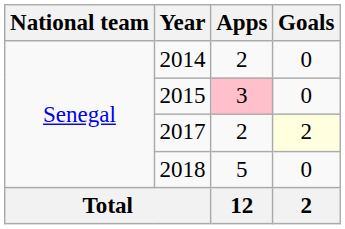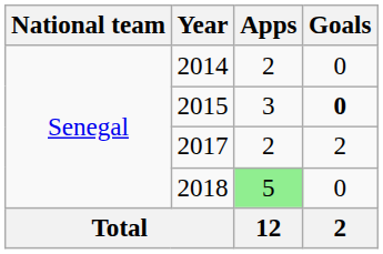 <table class="wikitable" style="text-align:center">
 <tr>
 <th>National team</th>
 <th>Year</th>
 <th>Apps</th>
 <th>Goals</th>
 </tr>
 <tr>
 <td rowspan="4"><a href='#'>Senegal</a></td>
 <td>2014</td>
 <td>2</td>
 <td>0</td>
 </tr>
 <tr>
 <td>2015</td>
-<td style="background: pink;">3</td>
-<td>0</td>
+<td>3</td>
+<td><strong>0</strong></td>
 </tr>
 <tr>
 <td>2017</td>
 <td>2</td>
-<td style="background: lightyellow;">2</td>
+<td>2</td>
 </tr>
 <tr>
 <td>2018</td>
-<td>5</td>
+<td style="background: lightgreen;">5</td>
 <td>0</td>
 </tr>
 <tr>
 <th colspan="2">Total</th>
 <th>12</th>
 <th>2</th>
 </tr>
 </table>
